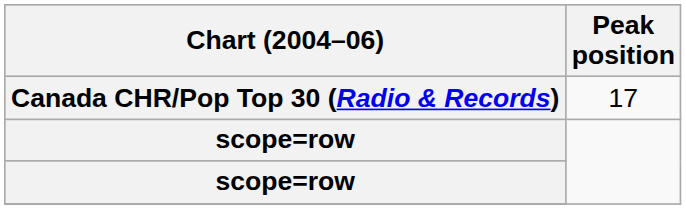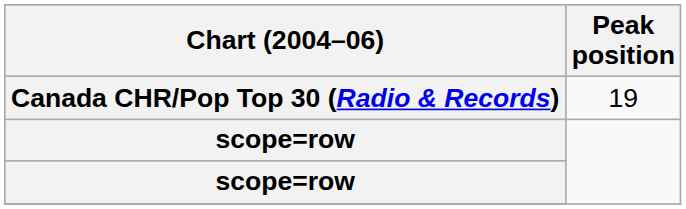 <table class="wikitable plainrowheaders sortable" style="text-align:center;">
 <tr>
 <th scope="col">Chart (2004–06)</th>
 <th scope="col">Peak<br>position</th>
 </tr>
 <tr>
 <th scope="row">Canada CHR/Pop Top 30 (<em><a href='#'>Radio & Records</a></em>)</th>
-<td>17</td>
+<td>19</td>
 </tr>
 <tr>
 <th>scope=row</th>
 </tr>
 <tr>
 <th>scope=row</th>
 </tr>
 <tr>
 </tr>
 <tr>
 </tr>
 <tr>
 </tr>
 <tr>
 </tr>
 <tr>
 </tr>
 <tr>
 </tr>
 <tr>
 </tr>
 <tr>
 </tr>
 </table>
